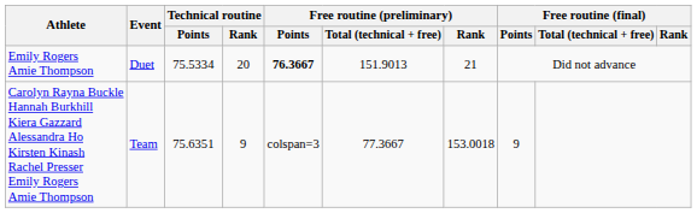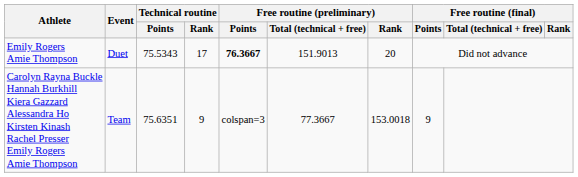 <table class=wikitable style=font-size:90%;text-align:center>
 <tr>
 <th rowspan=2>Athlete</th>
 <th rowspan=2>Event</th>
 <th colspan=2>Technical routine</th>
 <th colspan=3>Free routine (preliminary)</th>
 <th colspan=3>Free routine (final)</th>
 </tr>
 <tr style=font-size:95%>
 <th>Points</th>
 <th>Rank</th>
 <th>Points</th>
 <th>Total (technical + free)</th>
 <th>Rank</th>
 <th>Points</th>
 <th>Total (technical + free)</th>
 <th>Rank</th>
 </tr>
 <tr>
 <td align=left><a href='#'>Emily Rogers</a><br><a href='#'>Amie Thompson</a></td>
 <td align=left><a href='#'>Duet</a></td>
-<td>75.5334</td>
-<td>20</td>
+<td>75.5343</td>
+<td>17</td>
 <td><strong>76.3667</strong></td>
 <td>151.9013</td>
-<td>21</td>
+<td>20</td>
 <td colspan="3">Did not advance</td>
 </tr>
 <tr>
 <td align=left><a href='#'>Carolyn Rayna Buckle</a><br><a href='#'>Hannah Burkhill</a><br><a href='#'>Kiera Gazzard</a><br><a href='#'>Alessandra Ho</a><br><a href='#'>Kirsten Kinash</a><br><a href='#'>Rachel Presser</a><br><a href='#'>Emily Rogers</a><br><a href='#'>Amie Thompson</a></td>
 <td align=left><a href='#'>Team</a></td>
 <td>75.6351</td>
 <td>9</td>
 <td>colspan=3 </td>
 <td>77.3667</td>
 <td>153.0018</td>
 <td>9</td>
 </tr>
 </table>
